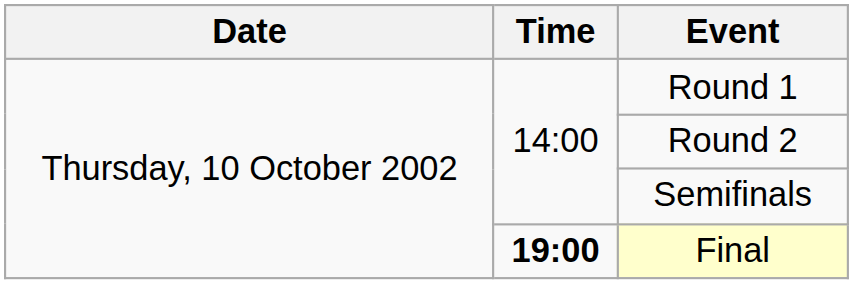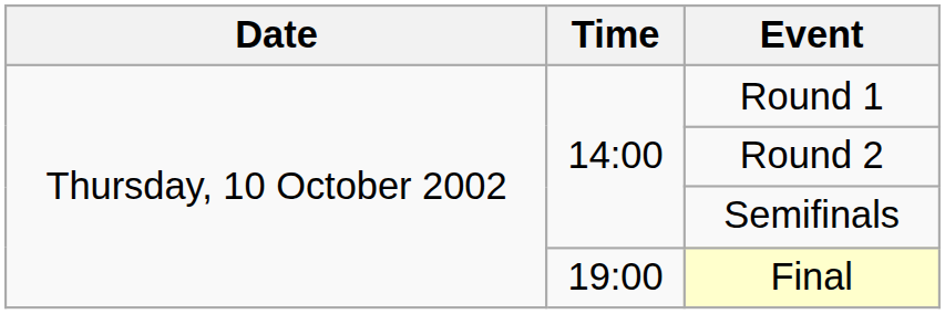 <table class = "wikitable" style="text-align:center;">
 <tr>
 <th width=220>Date</th>
 <th width=50>Time</th>
 <th width=100>Event</th>
 </tr>
 <tr>
 <td rowspan=4>Thursday, 10 October 2002</td>
 <td rowspan=3>14:00</td>
 <td>Round 1</td>
 </tr>
 <tr>
 <td>Round 2</td>
 </tr>
 <tr>
 <td>Semifinals</td>
 </tr>
 <tr>
-<td><strong>19:00</strong></td>
+<td>19:00</td>
 <td bgcolor=ffffcc>Final</td>
 </tr>
 </table>
